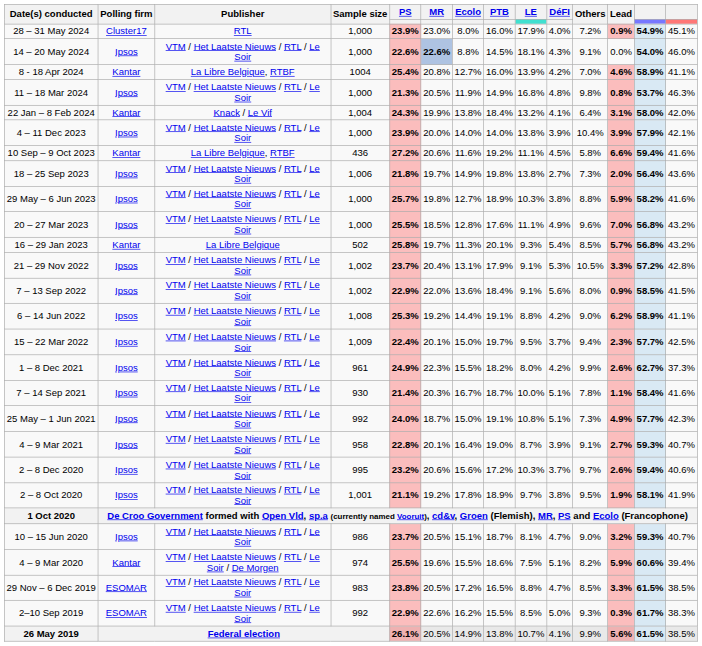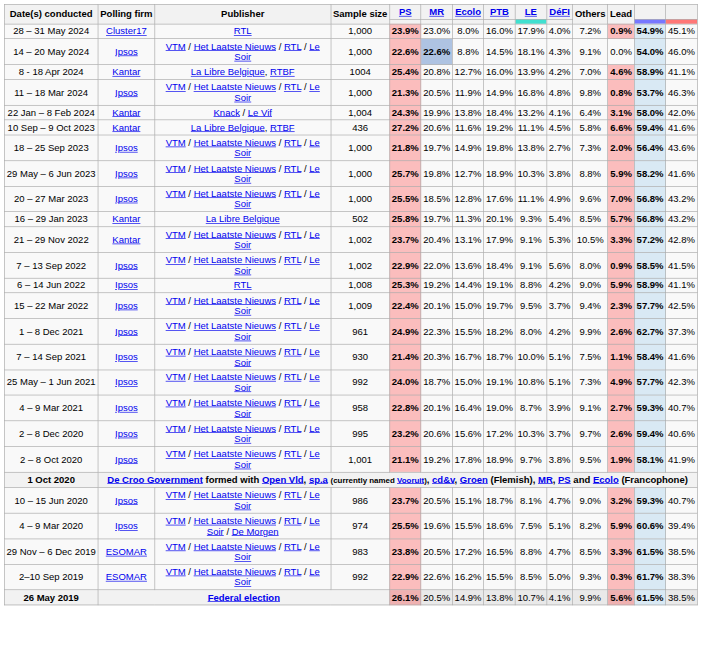 <table class="wikitable" style="text-align:center; font-size:90%; line-height:16px;">
 <tr style="background-color:#E9E9E9">
 <th style="min-width: 74px" rowspan="2">Date(s) conducted</th>
 <th rowspan="2">Polling firm</th>
 <th style="min-width: 95px" width="260" rowspan="2">Publisher</th>
 <th rowspan="2">Sample size</th>
 <th><a href='#'><span>PS</span></a></th>
 <th><a href='#'><span>MR</span></a></th>
 <th><a href='#'><span>Ecolo</span></a></th>
 <th><a href='#'><span>PTB</span></a></th>
 <th><a href='#'><span>LE</span></a></th>
 <th><a href='#'><span>DéFI</span></a></th>
 <th rowspan="2">Others</th>
 <th rowspan="2">Lead</th>
 <th></th>
 <th></th>
 </tr>
 <tr>
 <th class="unsortable" style="color:inherit;background:"></th>
 <th class="unsortable" style="color:inherit;background:"></th>
 <th class="unsortable" style="color:inherit;background:"></th>
 <th class="unsortable" style="color:inherit;background:"></th>
 <th class="unsortable" style="color:inherit;background:Turquoise; width:30px;"></th>
 <th class="unsortable" style="color:inherit;background:"></th>
 <th class="unsortable" style="color:inherit;background:#7777FF"></th>
 <th class="unsortable" style="color:inherit;background:#FF7777"></th>
 </tr>
 <tr>
 <td>28 – 31 May 2024</td>
 <td><a href='#'>Cluster17</a></td>
 <td><a href='#'>RTL</a></td>
 <td>1,000                                                </td>
 <td style="background-color:#ff33334d"><strong>23.9%</strong>  </td>
 <td>23.0%     </td>
 <td>8.0%     </td>
 <td>16.0%     </td>
 <td>17.9%     </td>
 <td>4.0%     </td>
 <td>7.2%     </td>
 <td style="background-color:#ff33334d"><strong>0.9%</strong>   </td>
 <td style="background:#D9E9F4"><strong>54.9%</strong>  </td>
 <td>45.1%     </td>
 </tr>
 <tr>
 <td>14 – 20 May 2024</td>
 <td><a href='#'>Ipsos</a></td>
 <td><a href='#'>VTM</a> / <a href='#'>Het Laatste Nieuws</a> / <a href='#'>RTL</a> / <a href='#'>Le Soir</a></td>
 <td>1,000                                                </td>
 <td style="background-color:#ff33334d"><strong>22.6%</strong>  </td>
 <td style="background-color:#0047ab4d"><strong>22.6%</strong>  </td>
 <td>8.8%     </td>
 <td>14.5%     </td>
 <td>18.1%     </td>
 <td>4.3%     </td>
 <td>9.1%     </td>
 <td>0.0%     </td>
 <td style="background:#D9E9F4"><strong>54.0%</strong>  </td>
 <td>46.0%     </td>
 </tr>
 <tr>
 <td>8 - 18 Apr 2024</td>
 <td><a href='#'>Kantar</a></td>
 <td><a href='#'>La Libre Belgique</a>, <a href='#'>RTBF</a></td>
 <td>1004                                                 </td>
 <td style="background-color:#ff33334d"><strong>25.4%</strong>  </td>
 <td>20.8%     </td>
 <td>12.7%     </td>
 <td>16.0%     </td>
 <td>13.9%     </td>
 <td>4.2%     </td>
 <td>7.0%     </td>
 <td style="background-color:#ff33334d"><strong>4.6%</strong>  </td>
 <td style="background:#D9E9F4"><strong>58.9%</strong>  </td>
 <td>41.1%     </td>
 </tr>
 <tr>
 <td>11 – 18 Mar 2024</td>
 <td><a href='#'>Ipsos</a></td>
 <td><a href='#'>VTM</a> / <a href='#'>Het Laatste Nieuws</a> / <a href='#'>RTL</a> / <a href='#'>Le Soir</a></td>
 <td>1,000                                                </td>
 <td style="background-color:#ff33334d"><strong>21.3%</strong>  </td>
 <td>20.5%     </td>
 <td>11.9%     </td>
 <td>14.9%     </td>
 <td>16.8%     </td>
 <td>4.8%     </td>
 <td>9.8%     </td>
 <td style="background-color:#ff33334d"><strong>0.8%</strong>  </td>
 <td style="background:#D9E9F4"><strong>53.7%</strong>  </td>
 <td>46.3%     </td>
 </tr>
 <tr>
 <td>22 Jan – 8 Feb 2024</td>
 <td><a href='#'>Kantar</a></td>
 <td><a href='#'>Knack</a> / <a href='#'>Le Vif</a></td>
 <td>1,004                                                </td>
 <td style="background-color:#ff33334d"><strong>24.3%</strong>  </td>
 <td>19.9%     </td>
 <td>13.8%     </td>
 <td>18.4%     </td>
 <td>13.2%     </td>
 <td>4.1%     </td>
 <td>6.4%     </td>
 <td style="background-color:#ff33334d"><strong>3.1%</strong>  </td>
 <td style="background:#D9E9F4"><strong>58.0%</strong>  </td>
 <td>42.0%     </td>
 </tr>
 <tr>
-<td>4 – 11 Dec 2023</td>
-<td><a href='#'>Ipsos</a></td>
-<td><a href='#'>VTM</a> / <a href='#'>Het Laatste Nieuws</a> / <a href='#'>RTL</a> / <a href='#'>Le Soir</a></td>
-<td>1,000                                                </td>
-<td style="background-color:#ff33334d"><strong>23.9%</strong>  </td>
-<td>20.0%     </td>
-<td>14.0%     </td>
-<td>14.0%     </td>
-<td>13.8%     </td>
-<td>3.9%     </td>
-<td>10.4%     </td>
-<td style="background-color:#ff33334d"><strong>3.9%</strong>  </td>
-<td style="background:#D9E9F4"><strong>57.9%</strong>  </td>
-<td>42.1%     </td>
-</tr>
-<tr>
 <td>10 Sep – 9 Oct 2023</td>
 <td><a href='#'>Kantar</a></td>
 <td><a href='#'>La Libre Belgique</a>, <a href='#'>RTBF</a></td>
 <td>436                                                  </td>
 <td style="background-color:#ff33334d"><strong>27.2%</strong>  </td>
 <td>20.6%     </td>
 <td>11.6%     </td>
 <td>19.2%     </td>
 <td>11.1%     </td>
 <td>4.5%     </td>
 <td>5.8%     </td>
 <td style="background-color:#ff33334d"><strong>6.6%</strong>  </td>
 <td style="background:#D9E9F4"><strong>59.4%</strong>  </td>
 <td>41.6%     </td>
 </tr>
 <tr>
 <td>18 – 25 Sep 2023</td>
 <td><a href='#'>Ipsos</a></td>
 <td><a href='#'>VTM</a> / <a href='#'>Het Laatste Nieuws</a> / <a href='#'>RTL</a> / <a href='#'>Le Soir</a></td>
-<td>1,006                                                </td>
+<td>1,000                                                </td>
 <td style="background-color:#ff33334d"><strong>21.8%</strong>  </td>
 <td>19.7%     </td>
 <td>14.9%     </td>
 <td>19.8%     </td>
 <td>13.8%     </td>
 <td>2.7%     </td>
 <td>7.3%     </td>
 <td style="background-color:#ff33334d"><strong>2.0%</strong>  </td>
 <td style="background:#D9E9F4"><strong>56.4%</strong>  </td>
 <td>43.6%     </td>
 </tr>
 <tr>
 <td>29 May – 6 Jun 2023</td>
 <td><a href='#'>Ipsos</a></td>
 <td><a href='#'>VTM</a> / <a href='#'>Het Laatste Nieuws</a> / <a href='#'>RTL</a> / <a href='#'>Le Soir</a></td>
 <td>1,000                                                </td>
 <td style="background-color:#ff33334d"><strong>25.7%</strong>  </td>
 <td>19.8%     </td>
 <td>12.7%     </td>
 <td>18.9%     </td>
 <td>10.3%     </td>
 <td>3.8%     </td>
 <td>8.8%     </td>
 <td style="background-color:#ff33334d"><strong>5.9%</strong>  </td>
 <td style="background:#D9E9F4"><strong>58.2%</strong>  </td>
 <td>41.6%     </td>
 </tr>
 <tr>
 <td>20 – 27 Mar 2023</td>
 <td><a href='#'>Ipsos</a></td>
 <td><a href='#'>VTM</a> / <a href='#'>Het Laatste Nieuws</a> / <a href='#'>RTL</a> / <a href='#'>Le Soir</a></td>
 <td>1,000                                                </td>
 <td style="background-color:#ff33334d"><strong>25.5%</strong>  </td>
 <td>18.5%     </td>
 <td>12.8%     </td>
 <td>17.6%     </td>
 <td>11.1%     </td>
 <td>4.9%     </td>
 <td>9.6%     </td>
 <td style="background-color:#ff33334d"><strong>7.0%</strong>  </td>
 <td style="background:#D9E9F4"><strong>56.8%</strong>  </td>
 <td>43.2%     </td>
 </tr>
 <tr>
 <td>16 – 29 Jan 2023</td>
 <td><a href='#'>Kantar</a></td>
 <td><a href='#'>La Libre Belgique</a></td>
 <td>502                                                  </td>
 <td style="background-color:#ff33334d"><strong>25.8%</strong>  </td>
 <td>19.7%     </td>
 <td>11.3%     </td>
 <td>20.1%     </td>
 <td>9.3%     </td>
 <td>5.4%     </td>
 <td>8.5%     </td>
 <td style="background-color:#ff33334d"><strong>5.7%</strong>  </td>
 <td style="background:#D9E9F4"><strong>56.8%</strong>  </td>
 <td>43.2%     </td>
 </tr>
 <tr>
 <td>21 – 29 Nov 2022</td>
-<td><a href='#'>Ipsos</a></td>
+<td><a href='#'>Kantar</a></td>
 <td><a href='#'>VTM</a> / <a href='#'>Het Laatste Nieuws</a> / <a href='#'>RTL</a> / <a href='#'>Le Soir</a></td>
 <td>1,002                                                 </td>
 <td style="background-color:#ff33334d"><strong>23.7%</strong>  </td>
 <td>20.4%     </td>
 <td>13.1%     </td>
 <td>17.9%     </td>
 <td>9.1%     </td>
 <td>5.3%     </td>
 <td>10.5%     </td>
 <td style="background-color:#ff33334d"><strong>3.3%</strong>  </td>
 <td style="background:#D9E9F4"><strong>57.2%</strong>  </td>
 <td>42.8%     </td>
 </tr>
 <tr>
 <td>7 – 13 Sep 2022</td>
 <td><a href='#'>Ipsos</a></td>
 <td><a href='#'>VTM</a> / <a href='#'>Het Laatste Nieuws</a> / <a href='#'>RTL</a> / <a href='#'>Le Soir</a></td>
 <td>1,002                                                 </td>
 <td style="background-color:#ff33334d"><strong>22.9%</strong>  </td>
 <td>22.0%     </td>
 <td>13.6%     </td>
 <td>18.4%     </td>
 <td>9.1%     </td>
 <td>5.6%     </td>
 <td>8.0%     </td>
 <td style="background-color:#ff33334d"><strong>0.9%</strong>  </td>
 <td style="background:#D9E9F4"><strong>58.5%</strong>  </td>
 <td>41.5%     </td>
 </tr>
 <tr>
 <td>6 – 14 Jun 2022</td>
 <td><a href='#'>Ipsos</a></td>
-<td><a href='#'>VTM</a> / <a href='#'>Het Laatste Nieuws</a> / <a href='#'>RTL</a> / <a href='#'>Le Soir</a></td>
+<td><a href='#'>RTL</a></td>
 <td>1,008                                                 </td>
 <td style="background-color:#ff33334d"><strong>25.3%</strong>  </td>
 <td>19.2%     </td>
 <td>14.4%     </td>
 <td>19.1%     </td>
 <td>8.8%     </td>
 <td>4.2%     </td>
 <td>9.0%     </td>
-<td style="background-color:#ff33334d"><strong>6.2%</strong>  </td>
+<td style="background-color:#ff33334d"><strong>5.9%</strong>  </td>
 <td style="background:#D9E9F4"><strong>58.9%</strong>  </td>
 <td>41.1%     </td>
 </tr>
 <tr>
 <td>15 – 22 Mar 2022</td>
 <td><a href='#'>Ipsos</a></td>
 <td><a href='#'>VTM</a> / <a href='#'>Het Laatste Nieuws</a> / <a href='#'>RTL</a> / <a href='#'>Le Soir</a></td>
 <td>1,009                                                 </td>
 <td style="background-color:#ff33334d"><strong>22.4%</strong>  </td>
 <td>20.1%     </td>
 <td>15.0%     </td>
 <td>19.7%     </td>
 <td>9.5%     </td>
 <td>3.7%     </td>
 <td>9.4%     </td>
 <td style="background-color:#ff33334d"><strong>2.3%</strong>  </td>
 <td style="background:#D9E9F4"><strong>57.7%</strong>  </td>
 <td>42.5%     </td>
 </tr>
 <tr>
 <td>1 – 8 Dec 2021</td>
 <td><a href='#'>Ipsos</a></td>
 <td><a href='#'>VTM</a> / <a href='#'>Het Laatste Nieuws</a> / <a href='#'>RTL</a> / <a href='#'>Le Soir</a></td>
 <td>961                                                  </td>
 <td style="background-color:#ff33334d"><strong>24.9%</strong>  </td>
 <td>22.3%     </td>
 <td>15.5%     </td>
 <td>18.2%     </td>
 <td>8.0%     </td>
 <td>4.2%     </td>
 <td>9.9%     </td>
 <td style="background-color:#ff33334d"><strong>2.6%</strong>  </td>
 <td style="background:#D9E9F4"><strong>62.7%</strong>  </td>
 <td>37.3%     </td>
 </tr>
 <tr>
 <td>7 – 14 Sep 2021</td>
 <td><a href='#'>Ipsos</a></td>
 <td><a href='#'>VTM</a> / <a href='#'>Het Laatste Nieuws</a> / <a href='#'>RTL</a> / <a href='#'>Le Soir</a></td>
 <td>930                                                  </td>
 <td style="background-color:#ff33334d"><strong>21.4%</strong>  </td>
 <td>20.3%     </td>
 <td>16.7%     </td>
 <td>18.7%     </td>
 <td>10.0%     </td>
 <td>5.1%     </td>
-<td>7.8%     </td>
+<td>7.5%     </td>
 <td style="background-color:#ff33334d"><strong>1.1%</strong>  </td>
 <td style="background:#D9E9F4"><strong>58.4%</strong>  </td>
 <td>41.6%     </td>
 </tr>
 <tr>
 <td>25 May – 1 Jun 2021</td>
 <td><a href='#'>Ipsos</a></td>
 <td><a href='#'>VTM</a> / <a href='#'>Het Laatste Nieuws</a> / <a href='#'>RTL</a> / <a href='#'>Le Soir</a></td>
 <td>992                                                  </td>
 <td style="background-color:#ff33334d"><strong>24.0%</strong>  </td>
 <td>18.7%     </td>
 <td>15.0%     </td>
 <td>19.1%     </td>
 <td>10.8%     </td>
 <td>5.1%     </td>
 <td>7.3%     </td>
 <td style="background-color:#ff33334d"><strong>4.9%</strong>  </td>
 <td style="background:#D9E9F4"><strong>57.7%</strong>  </td>
 <td>42.3%     </td>
 </tr>
 <tr>
 <td>4 – 9 Mar 2021</td>
 <td><a href='#'>Ipsos</a></td>
 <td><a href='#'>VTM</a> / <a href='#'>Het Laatste Nieuws</a> / <a href='#'>RTL</a> / <a href='#'>Le Soir</a></td>
 <td>958                                                  </td>
 <td style="background-color:#ff33334d"><strong>22.8%</strong>  </td>
 <td>20.1%     </td>
 <td>16.4%     </td>
 <td>19.0%     </td>
 <td>8.7%     </td>
 <td>3.9%     </td>
 <td>9.1%     </td>
 <td style="background-color:#ff33334d"><strong>2.7%</strong>  </td>
 <td style="background:#D9E9F4"><strong>59.3%</strong>  </td>
 <td>40.7%     </td>
 </tr>
 <tr>
 <td>2 – 8 Dec 2020</td>
 <td><a href='#'>Ipsos</a></td>
 <td><a href='#'>VTM</a> / <a href='#'>Het Laatste Nieuws</a> / <a href='#'>RTL</a> / <a href='#'>Le Soir</a></td>
 <td>995                                                  </td>
 <td style="background-color:#ff33334d"><strong>23.2%</strong>  </td>
 <td>20.6%     </td>
 <td>15.6%     </td>
 <td>17.2%     </td>
 <td>10.3%     </td>
 <td>3.7%     </td>
 <td>9.7%     </td>
 <td style="background-color:#ff33334d"><strong>2.6%</strong>  </td>
 <td style="background:#D9E9F4"><strong>59.4%</strong>  </td>
 <td>40.6%     </td>
 </tr>
 <tr>
 <td>2 – 8 Oct 2020</td>
 <td><a href='#'>Ipsos</a></td>
 <td><a href='#'>VTM</a> / <a href='#'>Het Laatste Nieuws</a> / <a href='#'>RTL</a> / <a href='#'>Le Soir</a></td>
 <td>1,001                                                 </td>
 <td style="background-color:#ff33334d"><strong>21.1%</strong>  </td>
 <td>19.2%     </td>
 <td>17.8%     </td>
 <td>18.9%     </td>
 <td>9.7%     </td>
 <td>3.8%     </td>
 <td>9.5%     </td>
 <td style="background-color:#ff33334d"><strong>1.9%</strong>  </td>
 <td style="background:#D9E9F4"><strong>58.1%</strong>  </td>
 <td>41.9%     </td>
 </tr>
 <tr>
 <th>1 Oct 2020</th>
 <th colspan="13"><a href='#'>De Croo Government</a> formed with <a href='#'>Open Vld</a>, <a href='#'>sp.a</a> <small>(currently named <a href='#'>Vooruit</a>)</small>, <a href='#'>cd&v</a>, <a href='#'>Groen</a> (Flemish), <a href='#'>MR</a>, <a href='#'>PS</a> and <a href='#'>Ecolo</a> (Francophone)</th>
 </tr>
 <tr>
 <td>10 – 15 Jun 2020</td>
 <td><a href='#'>Ipsos</a></td>
 <td><a href='#'>VTM</a> / <a href='#'>Het Laatste Nieuws</a> / <a href='#'>RTL</a> / <a href='#'>Le Soir</a></td>
 <td>986                                                  </td>
 <td style="background-color:#ff33334d"><strong>23.7%</strong>  </td>
 <td>20.5%     </td>
 <td>15.1%     </td>
 <td>18.7%     </td>
 <td>8.1%     </td>
 <td>4.7%     </td>
 <td>9.0%     </td>
 <td style="background-color:#ff33334d"><strong>3.2%</strong>  </td>
 <td style="background:#D9E9F4"><strong>59.3%</strong>  </td>
 <td>40.7%     </td>
 </tr>
 <tr>
 <td>4 – 9 Mar 2020</td>
-<td><a href='#'>Kantar</a></td>
+<td><a href='#'>Ipsos</a></td>
 <td><a href='#'>VTM</a> / <a href='#'>Het Laatste Nieuws</a> / <a href='#'>RTL</a> / <a href='#'>Le Soir</a> / <a href='#'>De Morgen</a></td>
 <td>974                                                  </td>
 <td style="background-color:#ff33334d"><strong>25.5%</strong>  </td>
 <td>19.6%     </td>
 <td>15.5%     </td>
 <td>18.6%     </td>
 <td>7.5%     </td>
 <td>5.1%     </td>
 <td>8.2%     </td>
 <td style="background-color:#ff33334d"><strong>5.9%</strong>  </td>
 <td style="background:#D9E9F4"><strong>60.6%</strong>  </td>
 <td>39.4%     </td>
 </tr>
 <tr>
 <td>29 Nov – 6 Dec 2019</td>
 <td><a href='#'>ESOMAR</a></td>
 <td><a href='#'>VTM</a> / <a href='#'>Het Laatste Nieuws</a> / <a href='#'>RTL</a> / <a href='#'>Le Soir</a></td>
 <td>983                                                  </td>
 <td style="background-color:#ff33334d"><strong>23.8%</strong>  </td>
 <td>20.5%     </td>
 <td>17.2%     </td>
 <td>16.5%     </td>
 <td>8.8%     </td>
 <td>4.7%     </td>
 <td>8.5%     </td>
 <td style="background-color:#ff33334d"><strong>3.3%</strong>  </td>
 <td style="background:#D9E9F4"><strong>61.5%</strong>  </td>
 <td>38.5%       </td>
 </tr>
 <tr>
 <td>2–10 Sep 2019</td>
 <td><a href='#'>ESOMAR</a></td>
 <td><a href='#'>VTM</a> / <a href='#'>Het Laatste Nieuws</a> / <a href='#'>RTL</a> / <a href='#'>Le Soir</a></td>
 <td>992                                                  </td>
 <td style="background-color:#ff33334d"><strong>22.9%</strong>  </td>
 <td>22.6%     </td>
 <td>16.2%     </td>
 <td>15.5%     </td>
 <td>8.5%     </td>
 <td>5.0%     </td>
 <td>9.3%     </td>
 <td style="background-color:#ff33334d"><strong>0.3%</strong>  </td>
 <td style="background:#D9E9F4"><strong>61.7%</strong>  </td>
 <td>38.3%     </td>
 </tr>
 <tr style="background-color:#E9E9E9">
 <th>26 May 2019</th>
 <th colspan="3"><a href='#'>Federal election</a></th>
 <td style="background-color:#ff33334d"><strong>26.1%</strong>  </td>
 <td>20.5%     </td>
 <td>14.9%     </td>
 <td>13.8%     </td>
 <td>10.7%     </td>
 <td>4.1%     </td>
 <td>9.9%       </td>
 <td style="background-color:#ff33334d"><strong>5.6%</strong>  </td>
 <td style="background:#D9E9F4"><strong>61.5%</strong>  </td>
 <td>38.5%     </td>
 </tr>
 </table>
